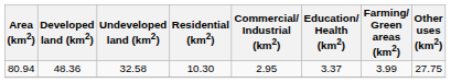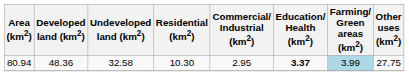 <table class="wikitable" style="text-align: center;">
 <tr>
 <th>Area (km<sup>2</sup>)</th>
 <th>Developed land (km<sup>2</sup>)</th>
 <th>Undeveloped land (km<sup>2</sup>)</th>
 <th>Residential (km<sup>2</sup>)</th>
 <th>Commercial/<br> Industrial (km<sup>2</sup>)</th>
 <th>Education/<br> Health (km<sup>2</sup>)</th>
 <th>Farming/<br> Green areas (km<sup>2</sup>)</th>
 <th>Other uses (km<sup>2</sup>)</th>
 </tr>
 <tr>
 <td>80.94</td>
 <td>48.36</td>
 <td>32.58</td>
 <td>10.30</td>
 <td>2.95</td>
-<td>3.37</td>
-<td>3.99</td>
+<td><strong>3.37</strong></td>
+<td style="background: lightblue;">3.99</td>
 <td>27.75</td>
 </tr>
 <tr>
 </tr>
 </table>
